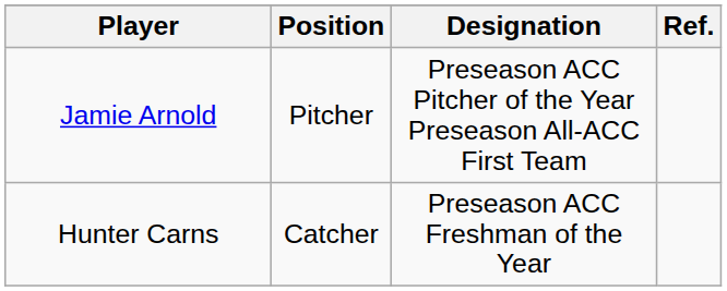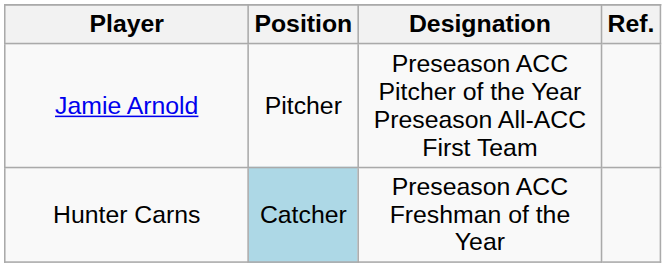 <table class="wikitable" style="text-align:center">
 <tr>
 </tr>
 <tr>
 <th style="width:150px; ">Player</th>
 <th style="width:60px; ">Position</th>
 <th style="width:150px; ">Designation</th>
 <th>Ref.</th>
 </tr>
 <tr>
 <td><a href='#'>Jamie Arnold</a></td>
 <td>Pitcher</td>
 <td>Preseason ACC Pitcher of the Year<br>Preseason All-ACC First Team</td>
 <td></td>
 </tr>
 <tr>
 <td>Hunter Carns</td>
-<td>Catcher</td>
+<td style="background: lightblue;">Catcher</td>
 <td>Preseason ACC Freshman of the Year</td>
 <td></td>
 </tr>
 </table>
